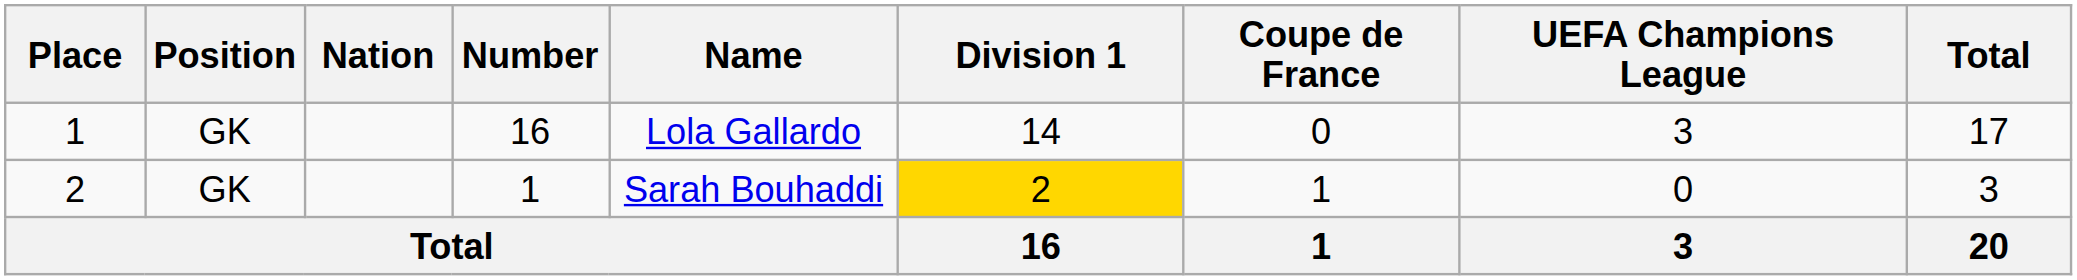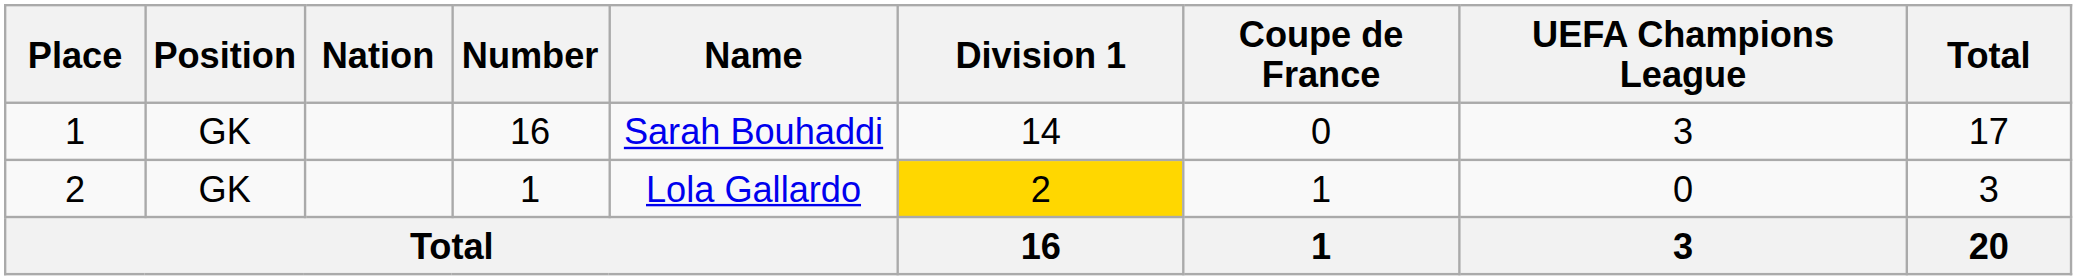 <table class="wikitable" style="font-size: 95%; text-align: center;">
 <tr>
 <th width=60>Place</th>
 <th width=60>Position</th>
 <th width=60>Nation</th>
 <th width=60>Number</th>
 <th width=150>Name</th>
 <th width=150>Division 1</th>
 <th width=150>Coupe de France</th>
 <th width=250>UEFA Champions League</th>
 <th width=80>Total</th>
 </tr>
 <tr>
 <td>1</td>
 <td>GK</td>
 <td></td>
 <td>16</td>
-<td><a href='#'>Lola Gallardo</a></td>
+<td><a href='#'>Sarah Bouhaddi</a></td>
 <td>14</td>
 <td>0</td>
 <td>3</td>
 <td>17</td>
 </tr>
 <tr>
 <td>2</td>
 <td>GK</td>
 <td></td>
 <td>1</td>
-<td><a href='#'>Sarah Bouhaddi</a></td>
+<td><a href='#'>Lola Gallardo</a></td>
 <td style="background: gold;">2</td>
 <td>1</td>
 <td>0</td>
 <td>3</td>
 </tr>
 <tr>
 <th colspan=5>Total</th>
 <th>16</th>
 <th>1</th>
 <th>3</th>
 <th>20</th>
 </tr>
 </table>
